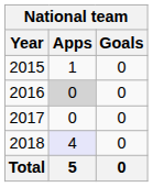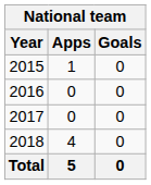 <table class="wikitable" style="text-align:center">
 <tr>
 <th colspan=3>National team</th>
 </tr>
 <tr>
 <th>Year</th>
 <th>Apps</th>
 <th>Goals</th>
 </tr>
 <tr>
 <td>2015</td>
 <td>1</td>
 <td>0</td>
 </tr>
 <tr>
 <td>2016</td>
-<td style="background: lightgrey;">0</td>
+<td>0</td>
 <td>0</td>
 </tr>
 <tr>
 <td>2017</td>
 <td>0</td>
 <td>0</td>
 </tr>
 <tr>
 <td>2018</td>
-<td style="background: lavender;">4</td>
+<td>4</td>
 <td>0</td>
 </tr>
 <tr>
 <th>Total</th>
 <th>5</th>
 <th>0</th>
 </tr>
 </table>
